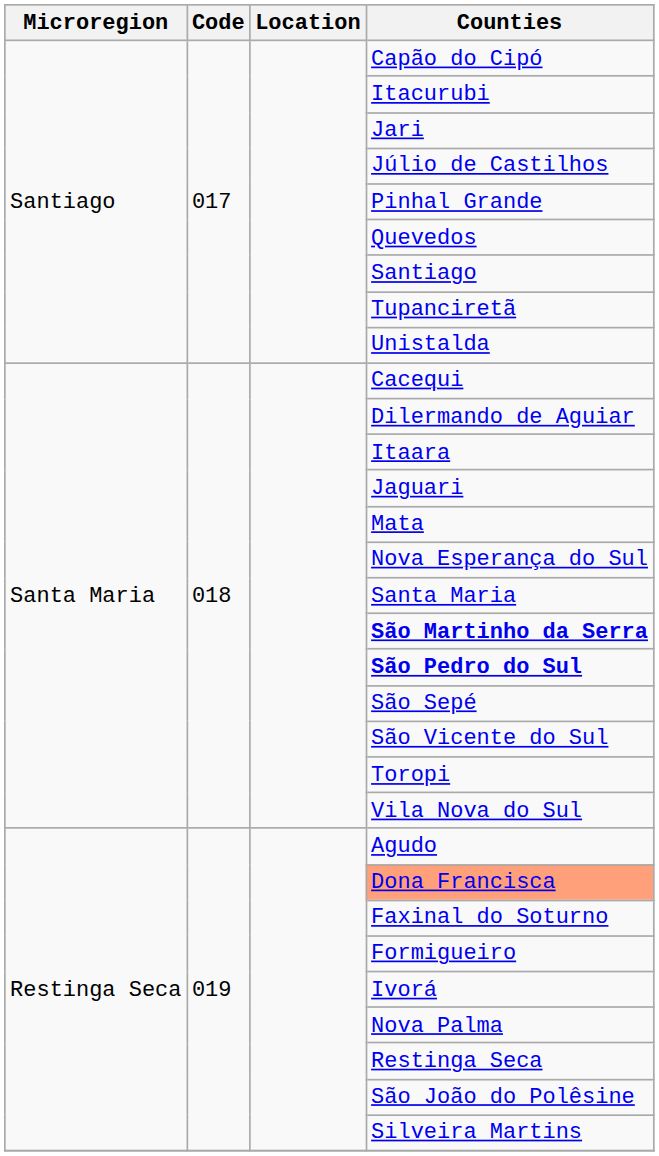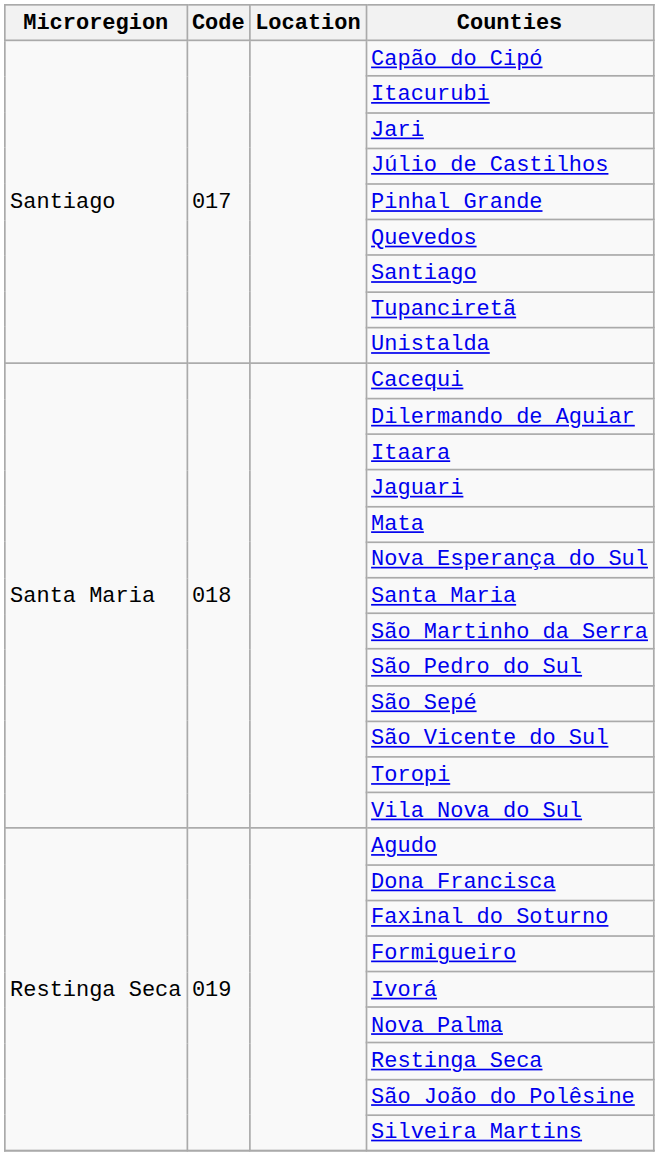 <table class="wikitable sortable">
 <tr>
 <th>Microregion</th>
 <th>Code</th>
 <th>Location</th>
 <th>Counties</th>
 </tr>
 <tr>
 <td rowspan="9">Santiago</td>
 <td rowspan="9">017</td>
 <td rowspan="9"></td>
 <td><a href='#'>Capão do Cipó</a></td>
 </tr>
 <tr>
 <td><a href='#'>Itacurubi</a></td>
 </tr>
 <tr>
 <td><a href='#'>Jari</a></td>
 </tr>
 <tr>
 <td><a href='#'>Júlio de Castilhos</a></td>
 </tr>
 <tr>
 <td><a href='#'>Pinhal Grande</a></td>
 </tr>
 <tr>
 <td><a href='#'>Quevedos</a></td>
 </tr>
 <tr>
 <td><a href='#'>Santiago</a></td>
 </tr>
 <tr>
 <td><a href='#'>Tupanciretã</a></td>
 </tr>
 <tr>
 <td><a href='#'>Unistalda</a></td>
 </tr>
 <tr>
 <td rowspan="13">Santa Maria</td>
 <td rowspan="13">018</td>
 <td rowspan="13"></td>
 <td><a href='#'>Cacequi</a></td>
 </tr>
 <tr>
 <td><a href='#'>Dilermando de Aguiar</a></td>
 </tr>
 <tr>
 <td><a href='#'>Itaara</a></td>
 </tr>
 <tr>
 <td><a href='#'>Jaguari</a></td>
 </tr>
 <tr>
 <td><a href='#'>Mata</a></td>
 </tr>
 <tr>
 <td><a href='#'>Nova Esperança do Sul</a></td>
 </tr>
 <tr>
 <td><a href='#'>Santa Maria</a></td>
 </tr>
 <tr>
-<td><strong><a href='#'>São Martinho da Serra</a></strong></td>
+<td><a href='#'>São Martinho da Serra</a></td>
 </tr>
 <tr>
-<td><strong><a href='#'>São Pedro do Sul</a></strong></td>
+<td><a href='#'>São Pedro do Sul</a></td>
 </tr>
 <tr>
 <td><a href='#'>São Sepé</a></td>
 </tr>
 <tr>
 <td><a href='#'>São Vicente do Sul</a></td>
 </tr>
 <tr>
 <td><a href='#'>Toropi</a></td>
 </tr>
 <tr>
 <td><a href='#'>Vila Nova do Sul</a></td>
 </tr>
 <tr>
 <td rowspan="9">Restinga Seca</td>
 <td rowspan="9">019</td>
 <td rowspan="9"></td>
 <td><a href='#'>Agudo</a></td>
 </tr>
 <tr>
-<td style="background: lightsalmon;"><a href='#'>Dona Francisca</a></td>
+<td><a href='#'>Dona Francisca</a></td>
 </tr>
 <tr>
 <td><a href='#'>Faxinal do Soturno</a></td>
 </tr>
 <tr>
 <td><a href='#'>Formigueiro</a></td>
 </tr>
 <tr>
 <td><a href='#'>Ivorá</a></td>
 </tr>
 <tr>
 <td><a href='#'>Nova Palma</a></td>
 </tr>
 <tr>
 <td><a href='#'>Restinga Seca</a></td>
 </tr>
 <tr>
 <td><a href='#'>São João do Polêsine</a></td>
 </tr>
 <tr>
 <td><a href='#'>Silveira Martins</a></td>
 </tr>
 <tr>
 </tr>
 </table>
